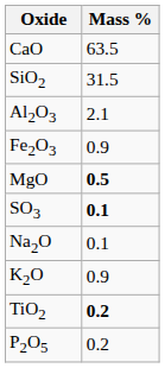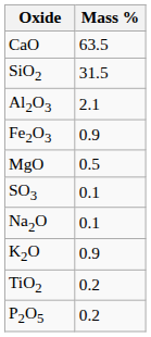 <table class="wikitable">
 <tr>
 <th width="60">Oxide</th>
 <th width="60">Mass %</th>
 </tr>
 <tr>
 <td>CaO</td>
 <td>63.5</td>
 </tr>
 <tr>
 <td>SiO<sub>2</sub></td>
 <td>31.5</td>
 </tr>
 <tr>
 <td>Al<sub>2</sub>O<sub>3</sub></td>
 <td>2.1</td>
 </tr>
 <tr>
 <td>Fe<sub>2</sub>O<sub>3</sub></td>
 <td>0.9</td>
 </tr>
 <tr>
 <td>MgO</td>
-<td><strong>0.5</strong></td>
+<td>0.5</td>
 </tr>
 <tr>
 <td>SO<sub>3</sub></td>
-<td><strong>0.1</strong></td>
+<td>0.1</td>
 </tr>
 <tr>
 <td>Na<sub>2</sub>O</td>
 <td>0.1</td>
 </tr>
 <tr>
 <td>K<sub>2</sub>O</td>
 <td>0.9</td>
 </tr>
 <tr>
 <td>TiO<sub>2</sub></td>
-<td><strong>0.2</strong></td>
+<td>0.2</td>
 </tr>
 <tr>
 <td>P<sub>2</sub>O<sub>5</sub></td>
 <td>0.2</td>
 </tr>
 </table>
